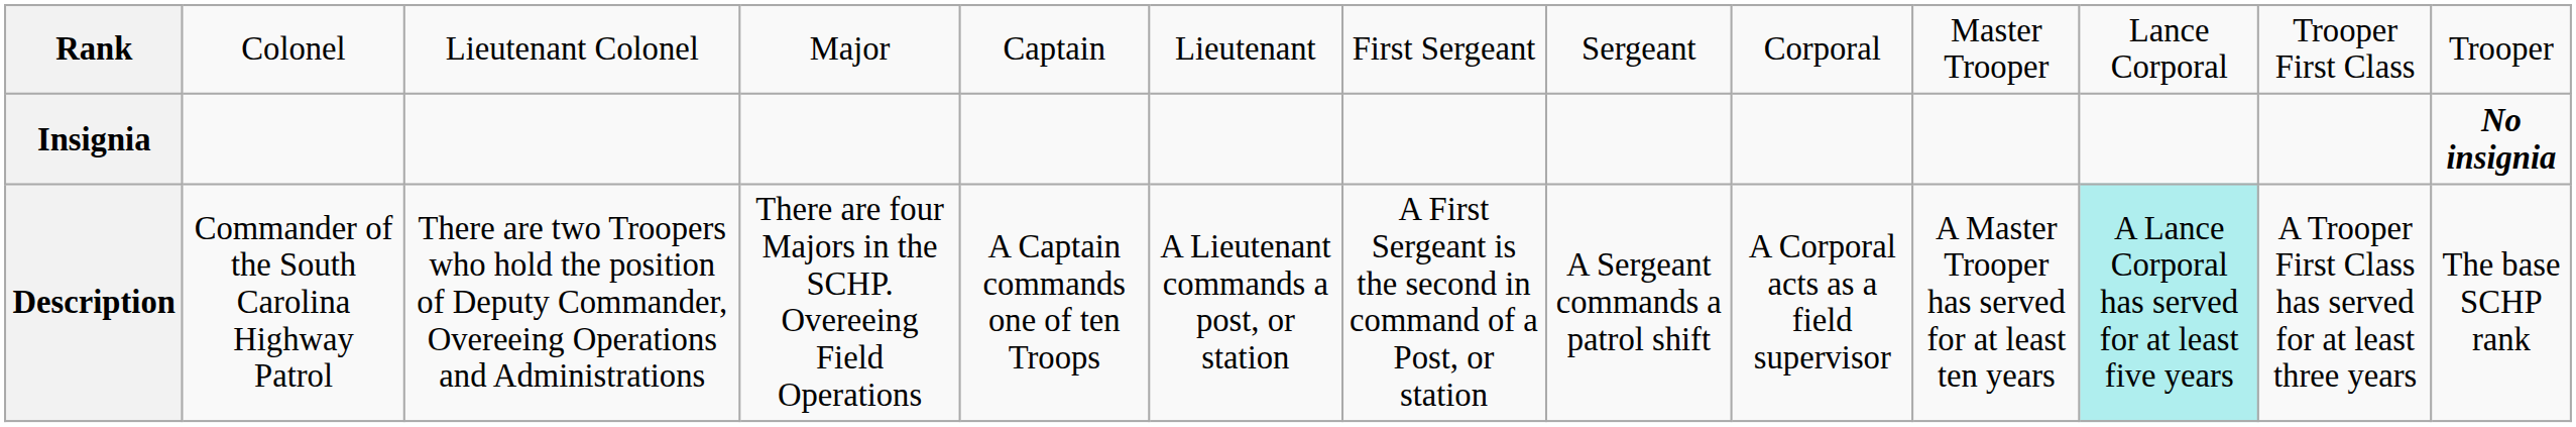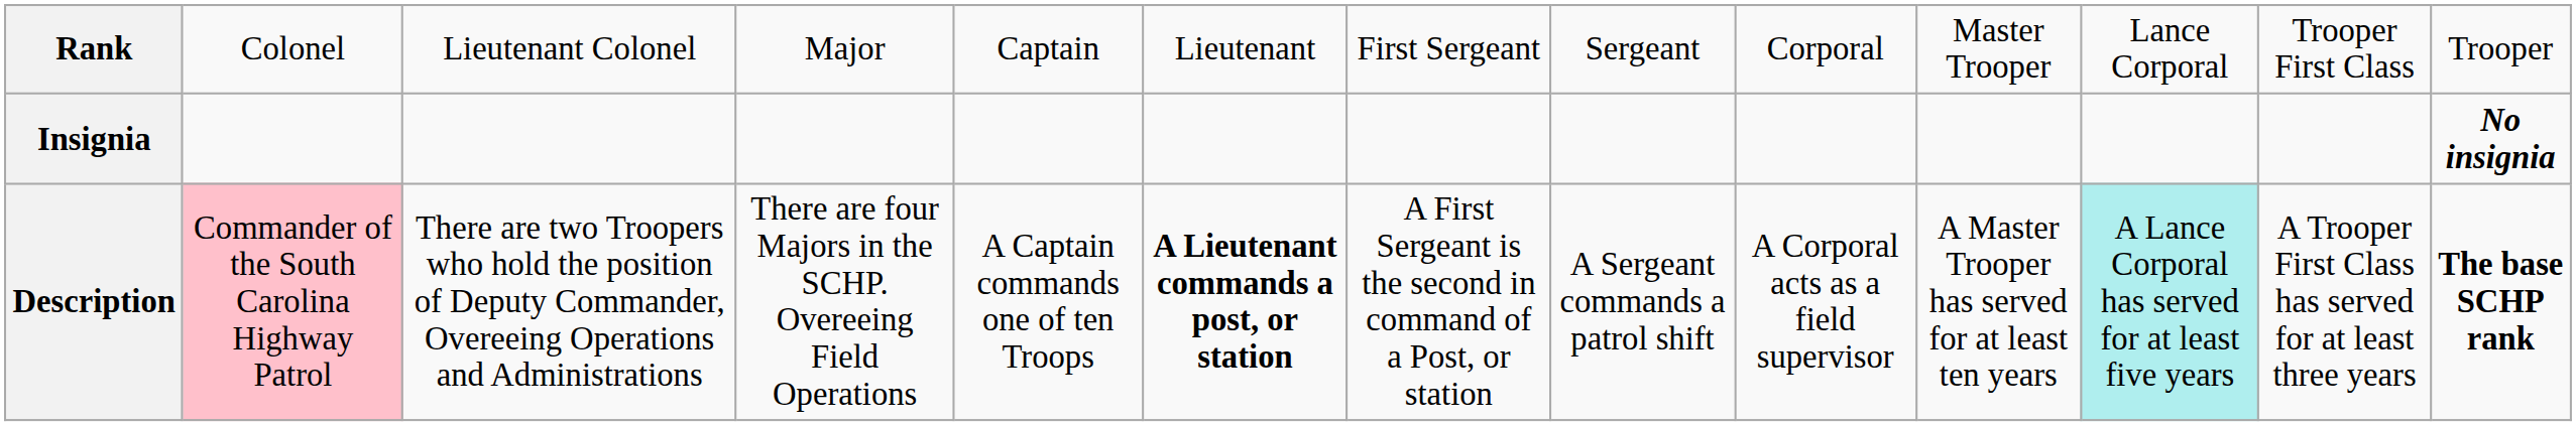 <table class="wikitable">
 <tr style="text-align:center;">
 <th>Rank</th>
 <td>Colonel</td>
 <td>Lieutenant Colonel</td>
 <td>Major</td>
 <td>Captain</td>
 <td>Lieutenant</td>
 <td>First Sergeant</td>
 <td>Sergeant</td>
 <td>Corporal</td>
 <td>Master Trooper</td>
 <td>Lance Corporal</td>
 <td>Trooper First Class</td>
 <td>Trooper</td>
 </tr>
 <tr style="text-align:center;">
 <th>Insignia</th>
 <td></td>
 <td></td>
 <td></td>
 <td></td>
 <td></td>
 <td></td>
 <td></td>
 <td></td>
 <td></td>
 <td></td>
 <td></td>
 <td><strong><em>No insignia</em></strong></td>
 </tr>
 <tr style="text-align:center;">
 <th>Description</th>
-<td>Commander of the South Carolina Highway Patrol</td>
+<td style="background: pink;">Commander of the South Carolina Highway Patrol</td>
 <td>There are two Troopers who hold the position of Deputy Commander, Overeeing Operations and Administrations</td>
 <td>There are four Majors in the SCHP. Overeeing Field Operations</td>
 <td>A Captain commands one of ten Troops</td>
-<td>A Lieutenant commands a post, or station</td>
+<td><strong>A Lieutenant commands a post, or station</strong></td>
 <td>A First Sergeant is the second in command of a Post, or station</td>
 <td>A Sergeant commands a patrol shift</td>
 <td>A Corporal acts as a field supervisor</td>
 <td>A Master Trooper has served for at least ten years</td>
 <td style="background: paleturquoise;">A Lance Corporal has served for at least five years</td>
 <td>A Trooper First Class has served for at least three years</td>
-<td>The base SCHP rank</td>
+<td><strong>The base SCHP rank</strong></td>
 </tr>
 </table>
